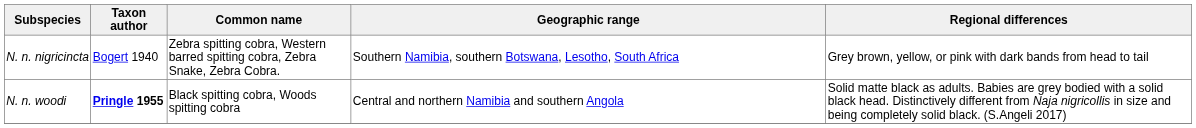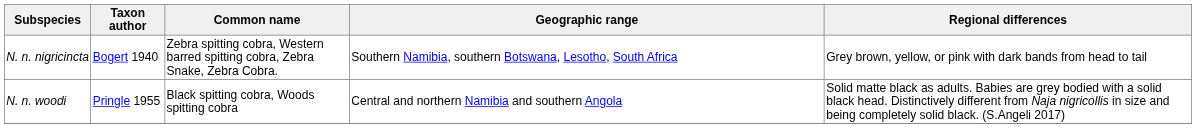 <table cellspacing=0 cellpadding=2 border=1 style="border-collapse: collapse;">
 <tr>
 <th bgcolor="#f0f0f0">Subspecies</th>
 <th bgcolor="#f0f0f0">Taxon author</th>
 <th bgcolor="#f0f0f0">Common name</th>
 <th bgcolor="#f0f0f0">Geographic range</th>
 <th bgcolor="#f0f0f0">Regional differences</th>
 </tr>
 <tr>
 <td><em>N. n. nigricincta</em></td>
 <td><a href='#'>Bogert</a> 1940</td>
 <td>Zebra spitting cobra, Western barred spitting cobra, Zebra Snake, Zebra Cobra.</td>
 <td>Southern <a href='#'>Namibia</a>, southern <a href='#'>Botswana</a>, <a href='#'>Lesotho</a>, <a href='#'>South Africa</a></td>
 <td>Grey brown, yellow, or pink with dark bands from head to tail</td>
 </tr>
 <tr>
 <td><em>N. n. woodi</em></td>
-<td><strong><a href='#'>Pringle</a> 1955</strong></td>
+<td><a href='#'>Pringle</a> 1955</td>
 <td>Black spitting cobra, Woods spitting cobra</td>
 <td style="width:40%">Central and northern <a href='#'>Namibia</a> and southern <a href='#'>Angola</a></td>
 <td>Solid matte black as adults. Babies are grey bodied with a solid black head. Distinctively different from <em>Naja nigricollis</em> in size and being completely solid black. (S.Angeli 2017)</td>
 </tr>
 <tr>
 </tr>
 </table>
